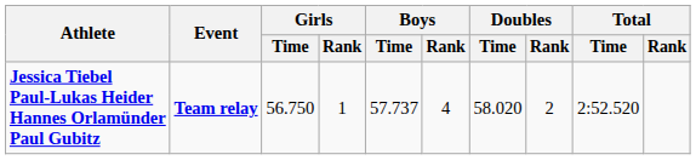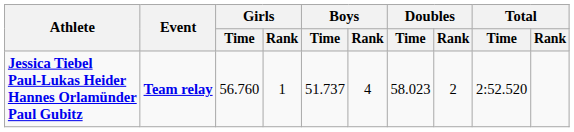 <table class="wikitable" style="font-size:90%">
 <tr>
 <th rowspan="2">Athlete</th>
 <th rowspan="2">Event</th>
 <th colspan=2>Girls</th>
 <th colspan=2>Boys</th>
 <th colspan=2>Doubles</th>
 <th colspan=2>Total</th>
 </tr>
 <tr style="font-size:95%">
 <th>Time</th>
 <th>Rank</th>
 <th>Time</th>
 <th>Rank</th>
 <th>Time</th>
 <th>Rank</th>
 <th>Time</th>
 <th>Rank</th>
 </tr>
 <tr align=center>
 <td align=left><strong><a href='#'>Jessica Tiebel</a><br><a href='#'>Paul-Lukas Heider</a><br><a href='#'>Hannes Orlamünder</a><br><a href='#'>Paul Gubitz</a></strong></td>
 <td align=left><strong><a href='#'>Team relay</a></strong></td>
-<td>56.750</td>
+<td>56.760</td>
 <td>1</td>
-<td>57.737</td>
+<td>51.737</td>
 <td>4</td>
-<td>58.020</td>
+<td>58.023</td>
 <td>2</td>
 <td>2:52.520</td>
 <td></td>
 </tr>
 </table>
